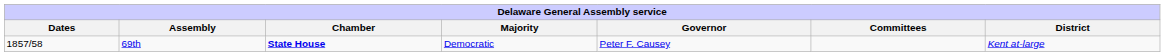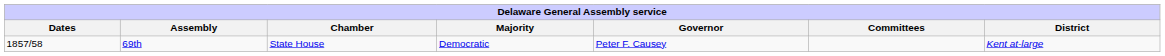 <table class=wikitable style="width: 94%" style="text-align: center;" align="center">
 <tr bgcolor=#cccccc>
 <th colspan=7 style="background: #ccccff;">Delaware General Assembly service</th>
 </tr>
 <tr>
 <th><strong>Dates</strong></th>
 <th><strong>Assembly</strong></th>
 <th><strong>Chamber</strong></th>
 <th><strong>Majority</strong></th>
 <th><strong>Governor</strong></th>
 <th><strong>Committees</strong></th>
 <th><strong>District</strong></th>
 </tr>
 <tr>
 <td>1857/58</td>
 <td><a href='#'>69th</a></td>
-<td><strong><a href='#'>State House</a></strong></td>
+<td><a href='#'>State House</a></td>
 <td><a href='#'>Democratic</a></td>
 <td><a href='#'>Peter F. Causey</a></td>
 <td></td>
 <td><a href='#'><em>Kent at-large</em></a></td>
 </tr>
 </table>
